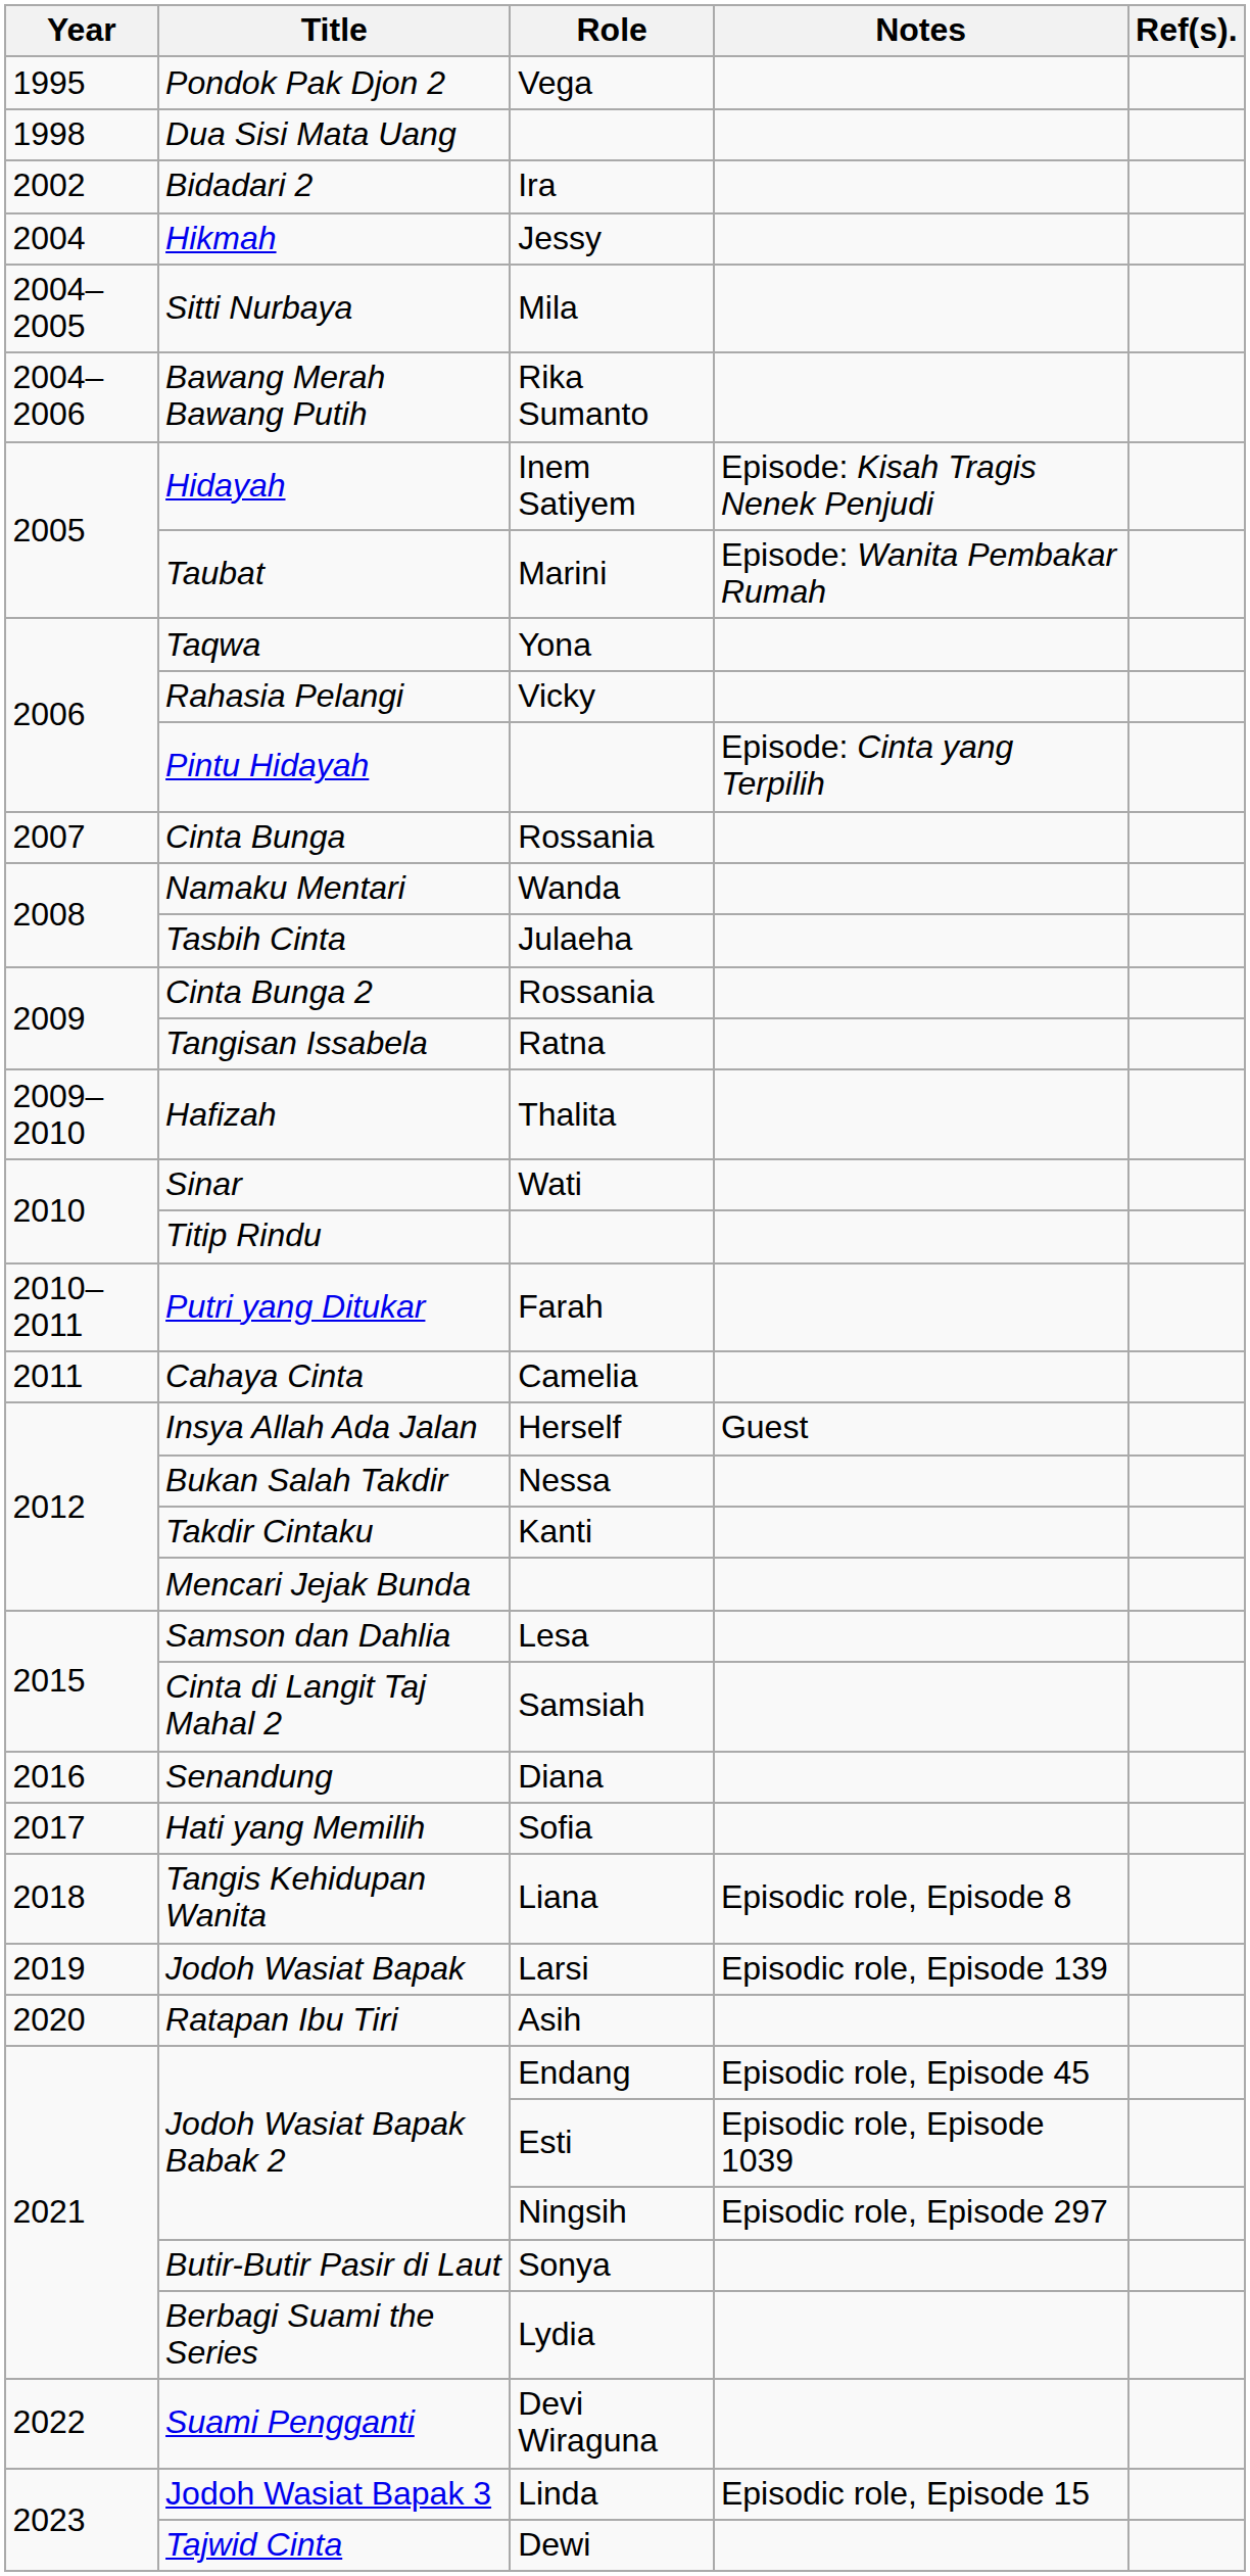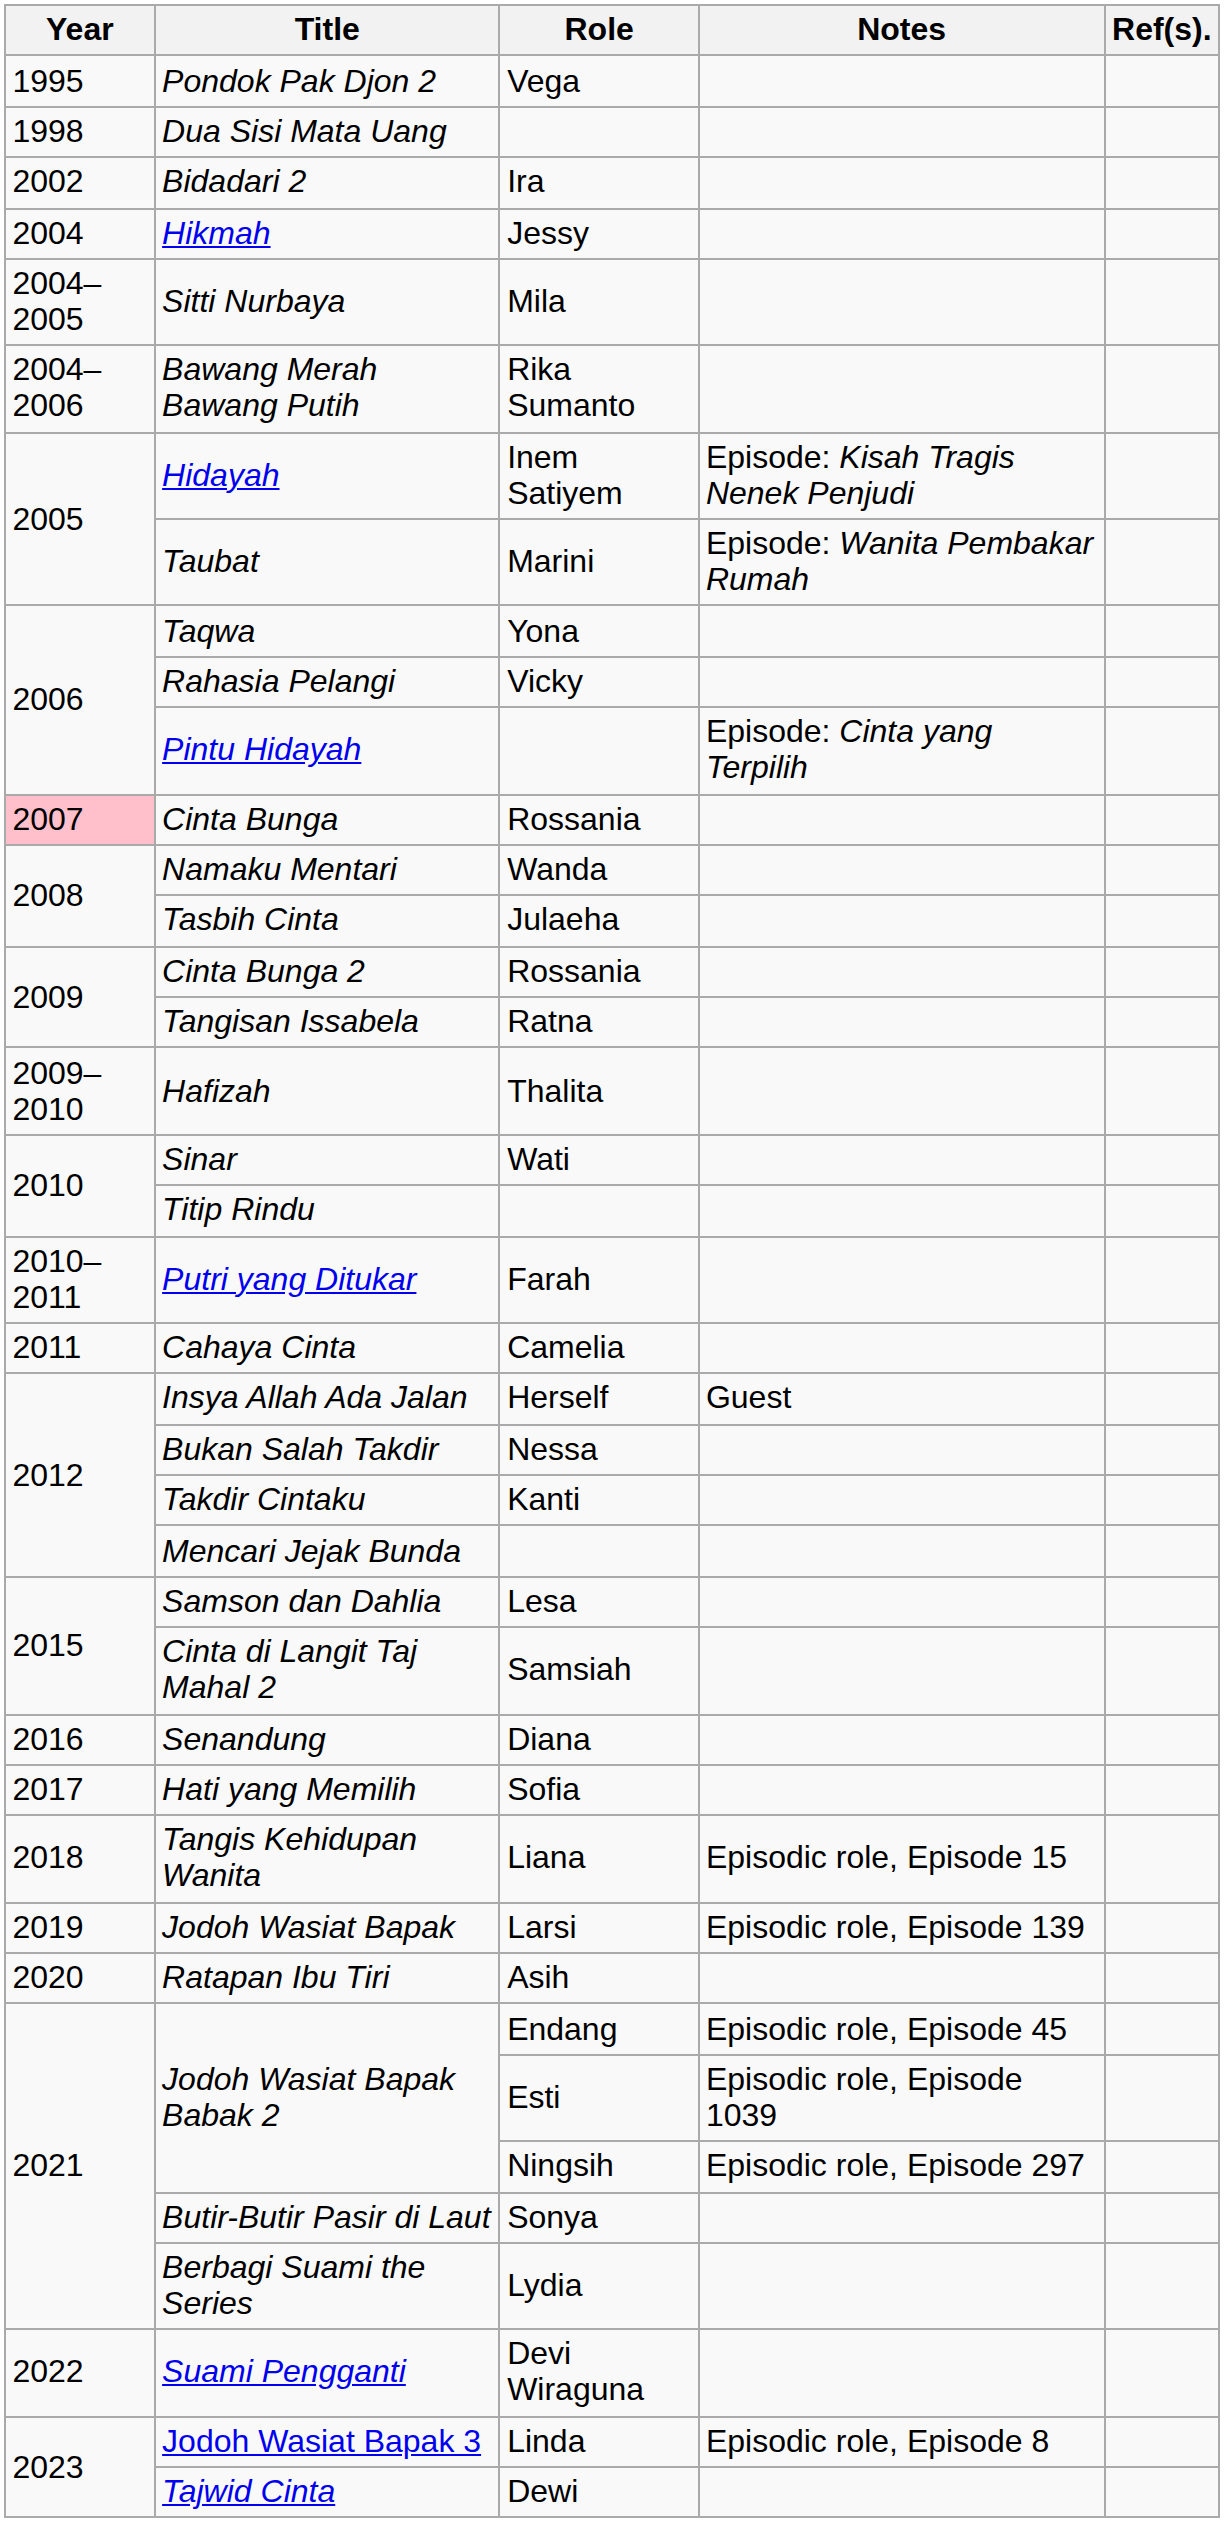 <table class="wikitable unsortable">
 <tr>
 <th>Year</th>
 <th>Title</th>
 <th>Role</th>
 <th>Notes</th>
 <th>Ref(s).</th>
 </tr>
 <tr>
 <td>1995</td>
 <td><em>Pondok Pak Djon 2</em></td>
 <td>Vega</td>
 <td></td>
 <td></td>
 </tr>
 <tr>
 <td>1998</td>
 <td><em>Dua Sisi Mata Uang</em></td>
 <td></td>
 <td></td>
 <td></td>
 </tr>
 <tr>
 <td>2002</td>
 <td><em>Bidadari 2</em></td>
 <td>Ira</td>
 <td></td>
 <td></td>
 </tr>
 <tr>
 <td>2004</td>
 <td><em><a href='#'>Hikmah</a></em></td>
 <td>Jessy</td>
 <td></td>
 <td></td>
 </tr>
 <tr>
 <td>2004–2005</td>
 <td><em>Sitti Nurbaya</em></td>
 <td>Mila</td>
 <td></td>
 <td></td>
 </tr>
 <tr>
 <td>2004–2006</td>
 <td><em>Bawang Merah Bawang Putih</em></td>
 <td>Rika Sumanto</td>
 <td></td>
 <td></td>
 </tr>
 <tr>
 <td rowspan=2>2005</td>
 <td><em><a href='#'>Hidayah</a></em></td>
 <td>Inem Satiyem</td>
 <td>Episode: <em>Kisah Tragis Nenek Penjudi</em></td>
 <td></td>
 </tr>
 <tr>
 <td><em>Taubat</em></td>
 <td>Marini</td>
 <td>Episode: <em>Wanita Pembakar Rumah</em></td>
 <td></td>
 </tr>
 <tr>
 <td rowspan=3>2006</td>
 <td><em>Taqwa</em></td>
 <td>Yona</td>
 <td></td>
 <td></td>
 </tr>
 <tr>
 <td><em>Rahasia Pelangi</em></td>
 <td>Vicky</td>
 <td></td>
 <td></td>
 </tr>
 <tr>
 <td><em><a href='#'>Pintu Hidayah</a></em></td>
 <td></td>
 <td>Episode: <em>Cinta yang Terpilih</em></td>
 <td></td>
 </tr>
 <tr>
-<td>2007</td>
+<td style="background: pink;">2007</td>
 <td><em>Cinta Bunga</em></td>
 <td>Rossania</td>
 <td></td>
 <td></td>
 </tr>
 <tr>
 <td rowspan=2>2008</td>
 <td><em>Namaku Mentari</em></td>
 <td>Wanda</td>
 <td></td>
 <td></td>
 </tr>
 <tr>
 <td><em>Tasbih Cinta</em></td>
 <td>Julaeha</td>
 <td></td>
 <td></td>
 </tr>
 <tr>
 <td rowspan=2>2009</td>
 <td><em>Cinta Bunga 2</em></td>
 <td>Rossania</td>
 <td></td>
 <td></td>
 </tr>
 <tr>
 <td><em>Tangisan Issabela</em></td>
 <td>Ratna</td>
 <td></td>
 <td></td>
 </tr>
 <tr>
 <td>2009–2010</td>
 <td><em>Hafizah</em></td>
 <td>Thalita</td>
 <td></td>
 <td></td>
 </tr>
 <tr>
 <td rowspan=2>2010</td>
 <td><em>Sinar</em></td>
 <td>Wati</td>
 <td></td>
 <td></td>
 </tr>
 <tr>
 <td><em>Titip Rindu</em></td>
 <td></td>
 <td></td>
 <td></td>
 </tr>
 <tr>
 <td>2010–2011</td>
 <td><em><a href='#'>Putri yang Ditukar</a></em></td>
 <td>Farah</td>
 <td></td>
 <td></td>
 </tr>
 <tr>
 <td>2011</td>
 <td><em>Cahaya Cinta</em></td>
 <td>Camelia</td>
 <td></td>
 <td></td>
 </tr>
 <tr>
 <td rowspan=4>2012</td>
 <td><em>Insya Allah Ada Jalan</em></td>
 <td>Herself</td>
 <td>Guest</td>
 <td></td>
 </tr>
 <tr>
 <td><em>Bukan Salah Takdir</em></td>
 <td>Nessa</td>
 <td></td>
 <td></td>
 </tr>
 <tr>
 <td><em>Takdir Cintaku</em></td>
 <td>Kanti</td>
 <td></td>
 <td></td>
 </tr>
 <tr>
 <td><em>Mencari Jejak Bunda</em></td>
 <td></td>
 <td></td>
 <td></td>
 </tr>
 <tr>
 <td rowspan=2>2015</td>
 <td><em>Samson dan Dahlia</em></td>
 <td>Lesa</td>
 <td></td>
 <td></td>
 </tr>
 <tr>
 <td><em>Cinta di Langit Taj Mahal 2</em></td>
 <td>Samsiah</td>
 <td></td>
 <td></td>
 </tr>
 <tr>
 <td>2016</td>
 <td><em>Senandung</em></td>
 <td>Diana</td>
 <td></td>
 <td></td>
 </tr>
 <tr>
 <td>2017</td>
 <td><em>Hati yang Memilih</em></td>
 <td>Sofia</td>
 <td></td>
 <td></td>
 </tr>
 <tr>
 <td>2018</td>
 <td><em>Tangis Kehidupan Wanita</em></td>
 <td>Liana</td>
-<td>Episodic role, Episode 8</td>
+<td>Episodic role, Episode 15</td>
 <td></td>
 </tr>
 <tr>
 <td>2019</td>
 <td><em>Jodoh Wasiat Bapak</em></td>
 <td>Larsi</td>
 <td>Episodic role, Episode 139</td>
 <td></td>
 </tr>
 <tr>
 <td>2020</td>
 <td><em>Ratapan Ibu Tiri</em></td>
 <td>Asih</td>
 <td></td>
 <td></td>
 </tr>
 <tr>
 <td rowspan=5>2021</td>
 <td rowspan=3><em>Jodoh Wasiat Bapak Babak 2</em></td>
 <td>Endang</td>
 <td>Episodic role, Episode 45</td>
 <td></td>
 </tr>
 <tr>
 <td>Esti</td>
 <td>Episodic role, Episode 1039</td>
 <td></td>
 </tr>
 <tr>
 <td>Ningsih</td>
 <td>Episodic role, Episode 297</td>
 <td></td>
 </tr>
 <tr>
 <td><em>Butir-Butir Pasir di Laut</em></td>
 <td>Sonya</td>
 <td></td>
 <td></td>
 </tr>
 <tr>
 <td><em>Berbagi Suami the Series</em></td>
 <td>Lydia</td>
 <td></td>
 <td></td>
 </tr>
 <tr>
 <td>2022</td>
 <td><em><a href='#'>Suami Pengganti</a></em></td>
 <td>Devi Wiraguna</td>
 <td></td>
 <td></td>
 </tr>
 <tr>
 <td rowspan=2>2023</td>
 <td><a href='#'>Jodoh Wasiat Bapak 3</a></td>
 <td>Linda</td>
-<td>Episodic role, Episode 15</td>
+<td>Episodic role, Episode 8</td>
 <td></td>
 </tr>
 <tr>
 <td><em><a href='#'>Tajwid Cinta</a></em></td>
 <td>Dewi</td>
 <td></td>
 <td></td>
 </tr>
 </table>
